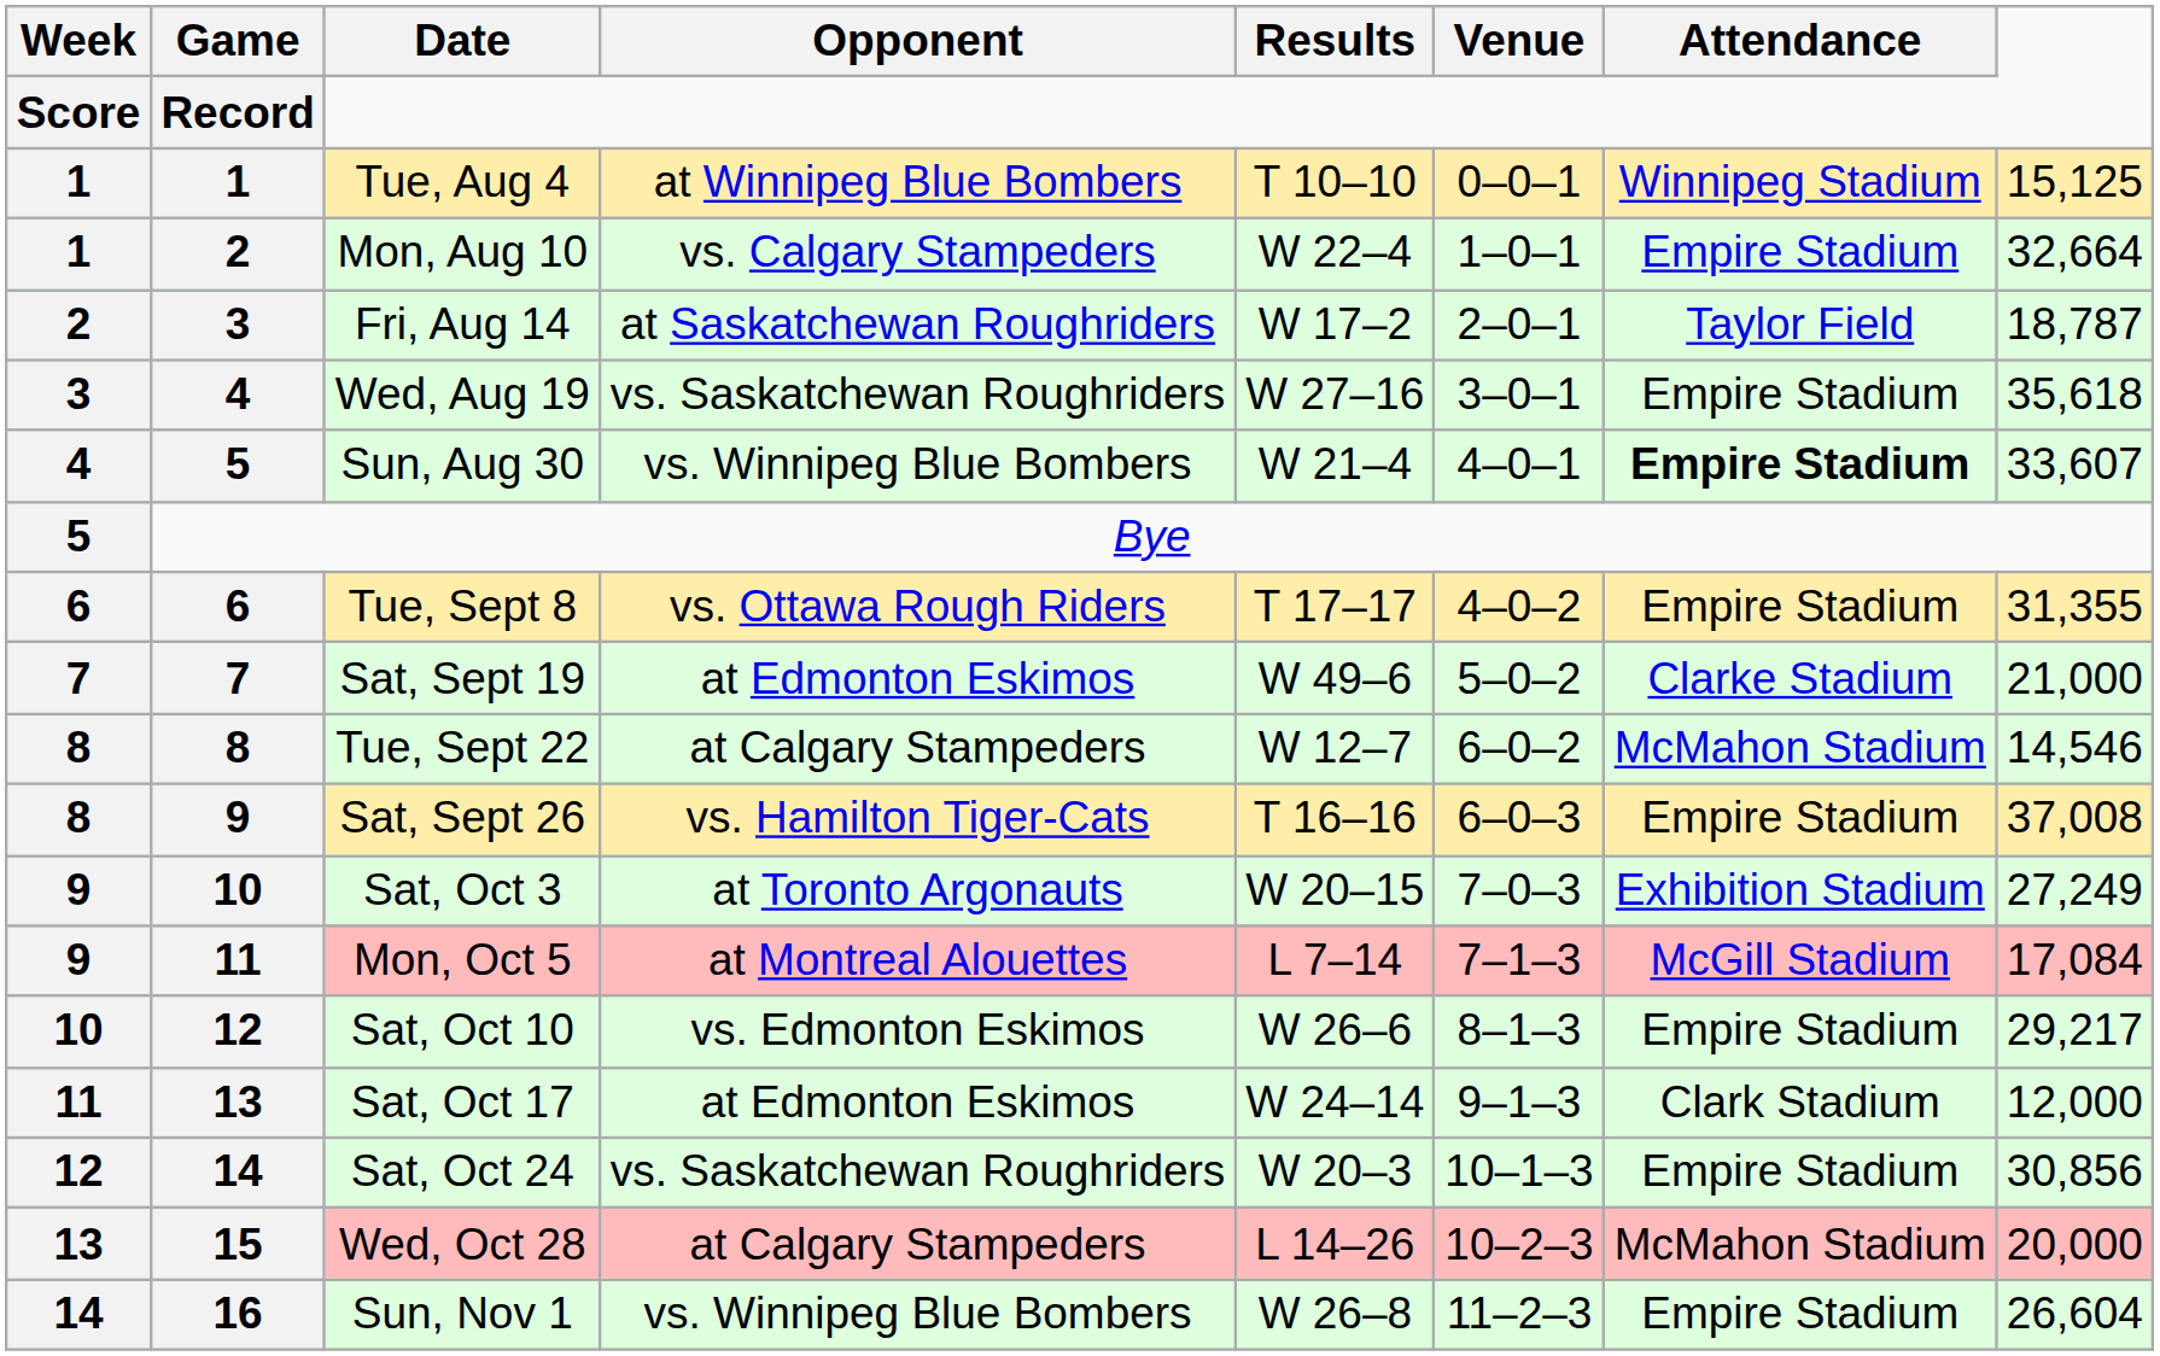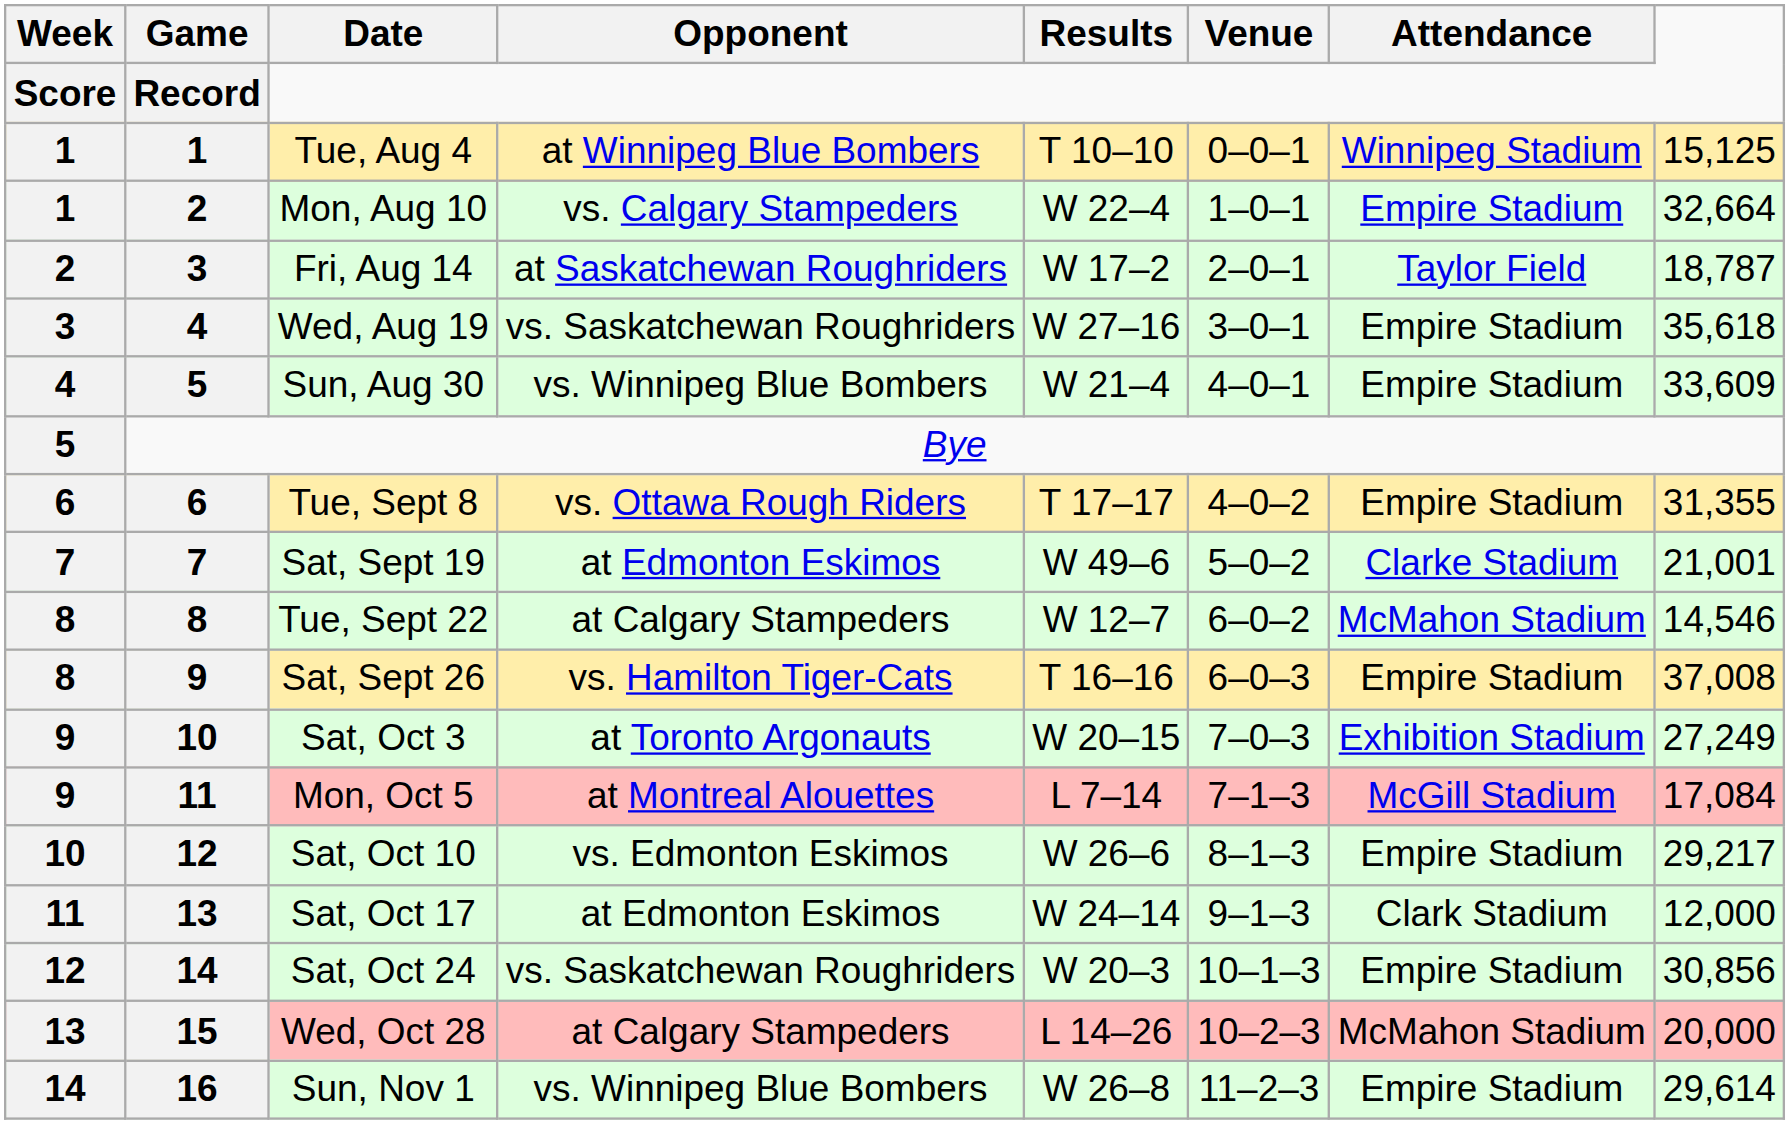 <table class="wikitable" style="text-align:center">
 <tr>
 <th>Week</th>
 <th>Game</th>
 <th>Date</th>
 <th>Opponent</th>
 <th>Results</th>
 <th>Venue</th>
 <th>Attendance</th>
 </tr>
 <tr>
 <th>Score</th>
 <th>Record</th>
 </tr>
 <tr style="background:#ffeeaa">
 <th>1</th>
 <th>1</th>
 <td>Tue, Aug 4</td>
 <td>at <a href='#'>Winnipeg Blue Bombers</a></td>
 <td>T 10–10</td>
 <td>0–0–1</td>
 <td><a href='#'>Winnipeg Stadium</a></td>
 <td>15,125</td>
 </tr>
 <tr style="background:#ddffdd">
 <th>1</th>
 <th>2</th>
 <td>Mon, Aug 10</td>
 <td>vs. <a href='#'>Calgary Stampeders</a></td>
 <td>W 22–4</td>
 <td>1–0–1</td>
 <td><a href='#'>Empire Stadium</a></td>
 <td>32,664</td>
 </tr>
 <tr style="background:#ddffdd">
 <th>2</th>
 <th>3</th>
 <td>Fri, Aug 14</td>
 <td>at <a href='#'>Saskatchewan Roughriders</a></td>
 <td>W 17–2</td>
 <td>2–0–1</td>
 <td><a href='#'>Taylor Field</a></td>
 <td>18,787</td>
 </tr>
 <tr style="background:#ddffdd">
 <th>3</th>
 <th>4</th>
 <td>Wed, Aug 19</td>
 <td>vs. Saskatchewan Roughriders</td>
 <td>W 27–16</td>
 <td>3–0–1</td>
 <td>Empire Stadium</td>
 <td>35,618</td>
 </tr>
 <tr style="background:#ddffdd">
 <th>4</th>
 <th>5</th>
 <td>Sun, Aug 30</td>
 <td>vs. Winnipeg Blue Bombers</td>
 <td>W 21–4</td>
 <td>4–0–1</td>
-<td><strong>Empire Stadium</strong></td>
-<td>33,607</td>
+<td>Empire Stadium</td>
+<td>33,609</td>
 </tr>
 <tr>
 <th>5</th>
 <td colspan="7"><em><a href='#'>Bye</a></em></td>
 </tr>
 <tr style="background:#ffeeaa">
 <th>6</th>
 <th>6</th>
 <td>Tue, Sept 8</td>
 <td>vs. <a href='#'>Ottawa Rough Riders</a></td>
 <td>T 17–17</td>
 <td>4–0–2</td>
 <td>Empire Stadium</td>
 <td>31,355</td>
 </tr>
 <tr style="background:#ddffdd">
 <th>7</th>
 <th>7</th>
 <td>Sat, Sept 19</td>
 <td>at <a href='#'>Edmonton Eskimos</a></td>
 <td>W 49–6</td>
 <td>5–0–2</td>
 <td><a href='#'>Clarke Stadium</a></td>
-<td>21,000</td>
+<td>21,001</td>
 </tr>
 <tr style="background:#ddffdd">
 <th>8</th>
 <th>8</th>
 <td>Tue, Sept 22</td>
 <td>at Calgary Stampeders</td>
 <td>W 12–7</td>
 <td>6–0–2</td>
 <td><a href='#'>McMahon Stadium</a></td>
 <td>14,546</td>
 </tr>
 <tr style="background:#ffeeaa">
 <th>8</th>
 <th>9</th>
 <td>Sat, Sept 26</td>
 <td>vs. <a href='#'>Hamilton Tiger-Cats</a></td>
 <td>T 16–16</td>
 <td>6–0–3</td>
 <td>Empire Stadium</td>
 <td>37,008</td>
 </tr>
 <tr style="background:#ddffdd">
 <th>9</th>
 <th>10</th>
 <td>Sat, Oct 3</td>
 <td>at <a href='#'>Toronto Argonauts</a></td>
 <td>W 20–15</td>
 <td>7–0–3</td>
 <td><a href='#'>Exhibition Stadium</a></td>
 <td>27,249</td>
 </tr>
 <tr style="background:#ffbbbb">
 <th>9</th>
 <th>11</th>
 <td>Mon, Oct 5</td>
 <td>at <a href='#'>Montreal Alouettes</a></td>
 <td>L 7–14</td>
 <td>7–1–3</td>
 <td><a href='#'>McGill Stadium</a></td>
 <td>17,084</td>
 </tr>
 <tr style="background:#ddffdd">
 <th>10</th>
 <th>12</th>
 <td>Sat, Oct 10</td>
 <td>vs. Edmonton Eskimos</td>
 <td>W 26–6</td>
 <td>8–1–3</td>
 <td>Empire Stadium</td>
 <td>29,217</td>
 </tr>
 <tr style="background:#ddffdd">
 <th>11</th>
 <th>13</th>
 <td>Sat, Oct 17</td>
 <td>at Edmonton Eskimos</td>
 <td>W 24–14</td>
 <td>9–1–3</td>
 <td>Clark Stadium</td>
 <td>12,000</td>
 </tr>
 <tr style="background:#ddffdd">
 <th>12</th>
 <th>14</th>
 <td>Sat, Oct 24</td>
 <td>vs. Saskatchewan Roughriders</td>
 <td>W 20–3</td>
 <td>10–1–3</td>
 <td>Empire Stadium</td>
 <td>30,856</td>
 </tr>
 <tr style="background:#ffbbbb">
 <th>13</th>
 <th>15</th>
 <td>Wed, Oct 28</td>
 <td>at Calgary Stampeders</td>
 <td>L 14–26</td>
 <td>10–2–3</td>
 <td>McMahon Stadium</td>
 <td>20,000</td>
 </tr>
 <tr style="background:#ddffdd">
 <th>14</th>
 <th>16</th>
 <td>Sun, Nov 1</td>
 <td>vs. Winnipeg Blue Bombers</td>
 <td>W 26–8</td>
 <td>11–2–3</td>
 <td>Empire Stadium</td>
-<td>26,604</td>
+<td>29,614</td>
 </tr>
 </table>
